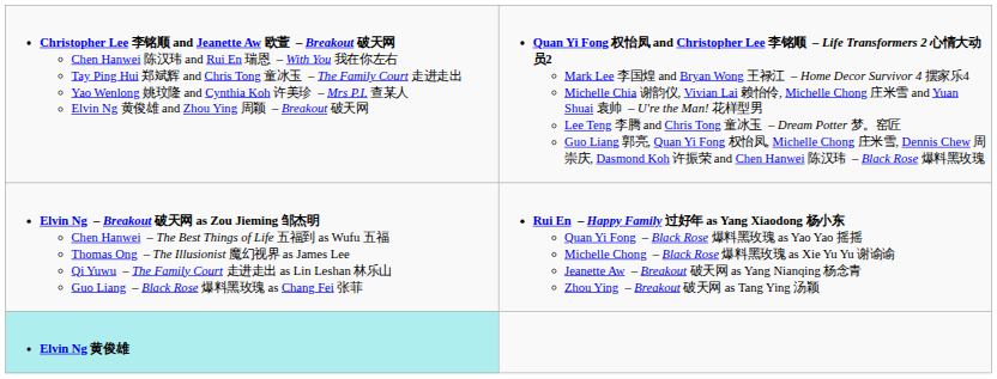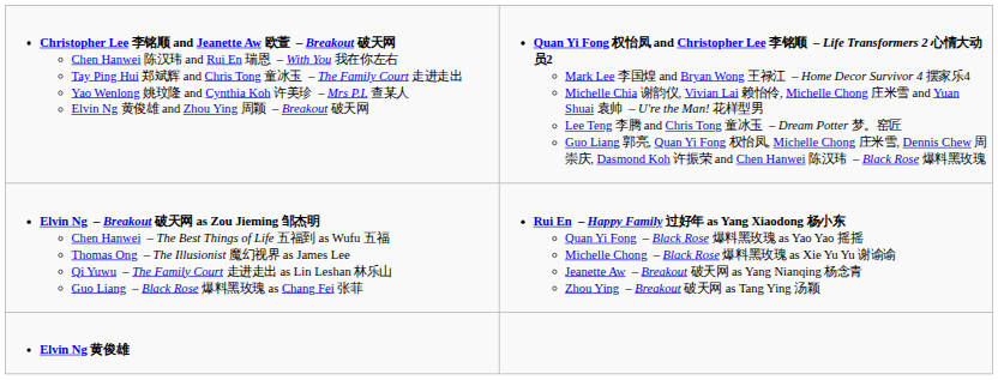 <table class=wikitable>
 <tr>
 <td valign="top" width="50%"><br><div></div><ul><li><strong><a href='#'>Christopher Lee</a> 李铭顺 and <a href='#'>Jeanette Aw</a> 欧萱  – <em><a href='#'>Breakout</a></em> 破天网</strong><ul><li><a href='#'>Chen Hanwei</a> 陈汉玮 and <a href='#'>Rui En</a> 瑞恩  – <em><a href='#'>With You</a></em> 我在你左右</li><li><a href='#'>Tay Ping Hui</a> 郑斌辉 and <a href='#'>Chris Tong</a> 童冰玉  – <em><a href='#'>The Family Court</a></em> 走进走出</li><li><a href='#'>Yao Wenlong</a> 姚玟隆 and <a href='#'>Cynthia Koh</a> 许美珍  – <em><a href='#'>Mrs P.I.</a></em> 查某人</li><li><a href='#'>Elvin Ng</a> 黄俊雄 and <a href='#'>Zhou Ying</a> 周颖  – <em><a href='#'>Breakout</a></em> 破天网</li></ul></li></ul></td>
 <td valign="top" width="50%"><br><div></div><ul><li><strong><a href='#'>Quan Yi Fong</a> 权怡凤 and <a href='#'>Christopher Lee</a> 李铭顺  – <em>Life Transformers 2</em> 心情大动员2</strong><ul><li><a href='#'>Mark Lee</a> 李国煌 and <a href='#'>Bryan Wong</a> 王禄江  – <em>Home Decor Survivor 4</em> 摆家乐4</li><li><a href='#'>Michelle Chia</a> 谢韵仪, <a href='#'>Vivian Lai</a> 赖怡伶, <a href='#'>Michelle Chong</a> 庄米雪 and <a href='#'>Yuan Shuai</a> 袁帅  – <em>U're the Man!</em> 花样型男</li><li><a href='#'>Lee Teng</a> 李腾 and <a href='#'>Chris Tong</a> 童冰玉  – <em>Dream Potter</em> 梦。窑匠</li><li><a href='#'>Guo Liang</a> 郭亮, <a href='#'>Quan Yi Fong</a> 权怡凤, <a href='#'>Michelle Chong</a> 庄米雪, <a href='#'>Dennis Chew</a> 周崇庆, <a href='#'>Dasmond Koh</a> 许振荣 and <a href='#'>Chen Hanwei</a> 陈汉玮  – <em><a href='#'>Black Rose</a></em> 爆料黑玫瑰</li></ul></li></ul></td>
 </tr>
 <tr>
 <td valign="top" width="50%"><br><div></div><ul><li><strong><a href='#'>Elvin Ng</a>  – <em><a href='#'>Breakout</a></em> 破天网 as Zou Jieming 邹杰明</strong><ul><li><a href='#'>Chen Hanwei</a>  – <em>The Best Things of Life</em> 五福到 as Wufu 五福</li><li><a href='#'>Thomas Ong</a>  – <em>The Illusionist</em> 魔幻视界 as James Lee</li><li><a href='#'>Qi Yuwu</a>  – <em><a href='#'>The Family Court</a></em> 走进走出 as Lin Leshan 林乐山</li><li><a href='#'>Guo Liang</a>  – <em><a href='#'>Black Rose</a></em> 爆料黑玫瑰 as <a href='#'>Chang Fei</a> 张菲</li></ul></li></ul></td>
 <td valign="top" width="50%"><br><div></div><ul><li><strong><a href='#'>Rui En</a>  – <em><a href='#'>Happy Family</a></em> 过好年 as Yang Xiaodong 杨小东</strong><ul><li><a href='#'>Quan Yi Fong</a>  – <em><a href='#'>Black Rose</a></em> 爆料黑玫瑰 as Yao Yao 摇摇</li><li><a href='#'>Michelle Chong</a>  – <em><a href='#'>Black Rose</a></em> 爆料黑玫瑰 as Xie Yu Yu 谢谕谕</li><li><a href='#'>Jeanette Aw</a>  – <em><a href='#'>Breakout</a></em> 破天网 as Yang Nianqing 杨念青</li><li><a href='#'>Zhou Ying</a>  – <em><a href='#'>Breakout</a></em> 破天网 as Tang Ying 汤颖</li></ul></li></ul></td>
 </tr>
 <tr>
-<td valign="top" width="50%" style="background: paleturquoise;"><br><div></div><ul><li><strong><a href='#'>Elvin Ng</a> 黄俊雄</strong></li></ul></td>
+<td valign="top" width="50%"><br><div></div><ul><li><strong><a href='#'>Elvin Ng</a> 黄俊雄</strong></li></ul></td>
 </tr>
 </table>
